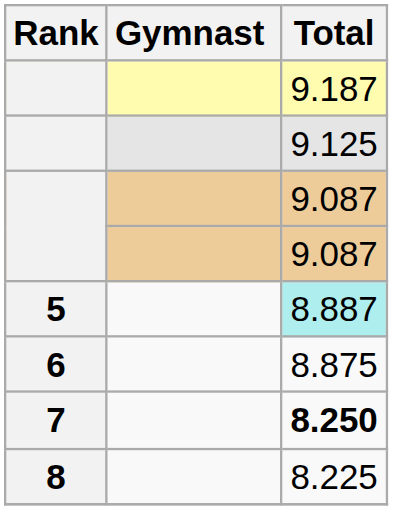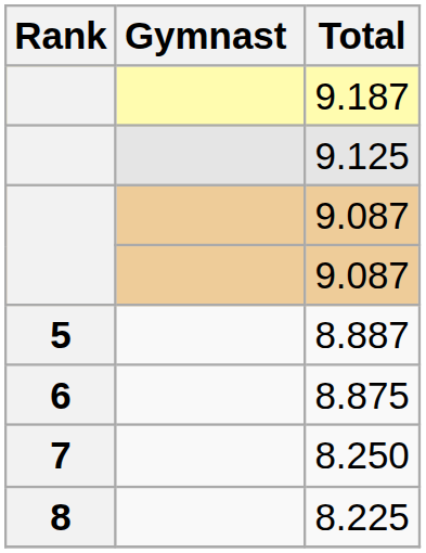 <table class="wikitable sortable" style="text-align:center; font-size:95%">
 <tr>
 <th scope=col>Rank</th>
 <th scope=col>Gymnast </th>
 <th scope=col>Total</th>
 </tr>
 <tr bgcolor=fffcaf>
 <th scope=row style="text-align:center"></th>
 <td align=left> </td>
 <td>9.187</td>
 </tr>
 <tr bgcolor=e5e5e5>
 <th scope=row style="text-align:center"></th>
 <td align=left> </td>
 <td>9.125</td>
 </tr>
 <tr bgcolor=eecc99>
 <th scope=row style="text-align:center" rowspan=2></th>
 <td align=left> </td>
 <td>9.087</td>
 </tr>
 <tr bgcolor=eecc99>
 <td align=left> </td>
 <td>9.087</td>
 </tr>
 <tr>
 <th scope=row style="text-align:center">5</th>
 <td align=left> </td>
-<td style="background: paleturquoise;">8.887</td>
+<td>8.887</td>
 </tr>
 <tr>
 <th scope=row style="text-align:center">6</th>
 <td align=left> </td>
 <td>8.875</td>
 </tr>
 <tr>
 <th scope=row style="text-align:center">7</th>
 <td align=left> </td>
-<td><strong>8.250</strong></td>
+<td>8.250</td>
 </tr>
 <tr>
 <th scope=row style="text-align:center">8</th>
 <td align=left> </td>
 <td>8.225</td>
 </tr>
 <tr>
 </tr>
 </table>
